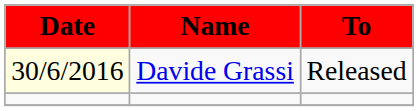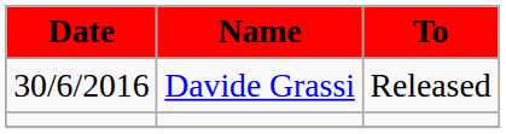 <table class="wikitable sortable">
 <tr>
 <th style="background:Red; color:Black;">Date</th>
 <th style="background:Red; color:Black;">Name</th>
 <th style="background:Red; color:Black;">To</th>
 </tr>
 <tr>
-<td style="background: lightyellow;">30/6/2016</td>
+<td>30/6/2016</td>
 <td> <a href='#'>Davide Grassi</a></td>
 <td>Released</td>
 </tr>
 <tr>
 <td></td>
 <td></td>
 <td></td>
 </tr>
 <tr>
 </tr>
 </table>
